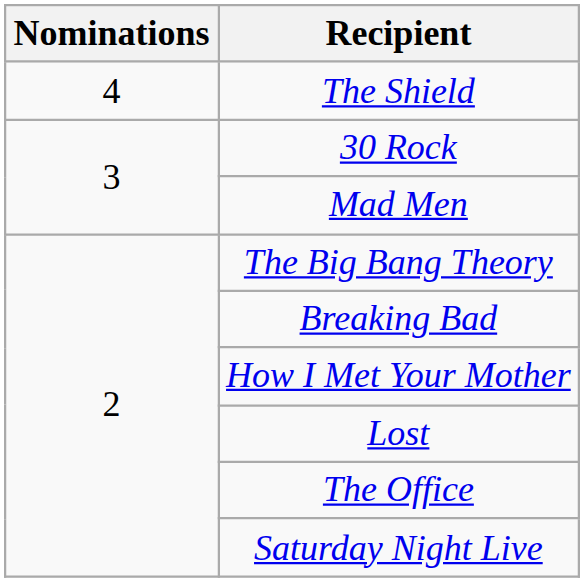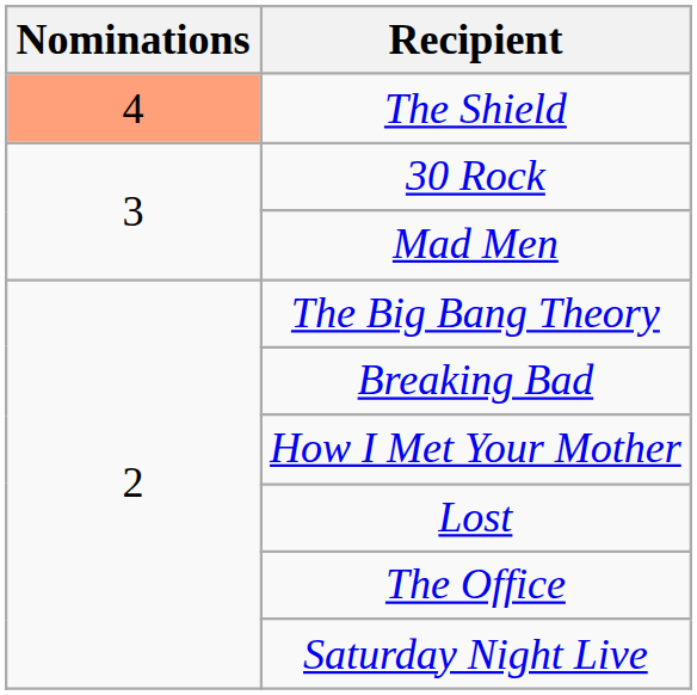 <table class="wikitable sortable" style="text-align: center">
 <tr>
 <th scope="col" style="width:55px;">Nominations</th>
 <th scope="col" style="text-align:center;">Recipient</th>
 </tr>
 <tr>
-<td rowspan=1 style="text-align:center">4</td>
+<td rowspan=1 style="background: lightsalmon; text-align:center">4</td>
 <td><em><a href='#'>The Shield</a></em></td>
 </tr>
 <tr>
 <td rowspan="2" style="text-align:center;">3</td>
 <td><em><a href='#'>30 Rock</a></em></td>
 </tr>
 <tr>
 <td><em><a href='#'>Mad Men</a></em></td>
 </tr>
 <tr>
 <td rowspan="6" style="text-align:center">2</td>
 <td><em><a href='#'>The Big Bang Theory</a></em></td>
 </tr>
 <tr>
 <td><em><a href='#'>Breaking Bad</a></em></td>
 </tr>
 <tr>
 <td><em><a href='#'>How I Met Your Mother</a></em></td>
 </tr>
 <tr>
 <td><em><a href='#'>Lost</a></em></td>
 </tr>
 <tr>
 <td><em><a href='#'>The Office</a></em></td>
 </tr>
 <tr>
 <td><em><a href='#'>Saturday Night Live</a></em></td>
 </tr>
 </table>
